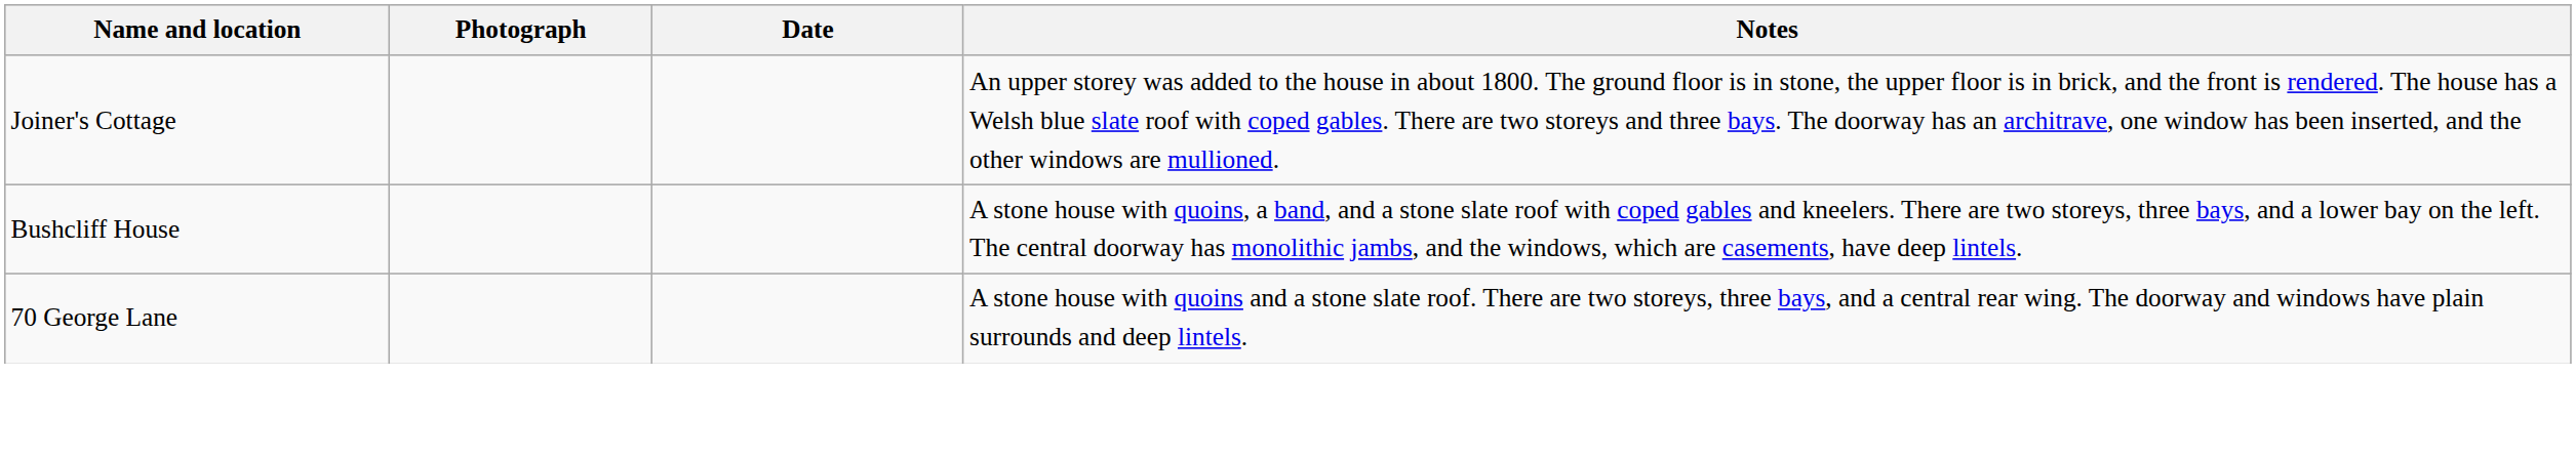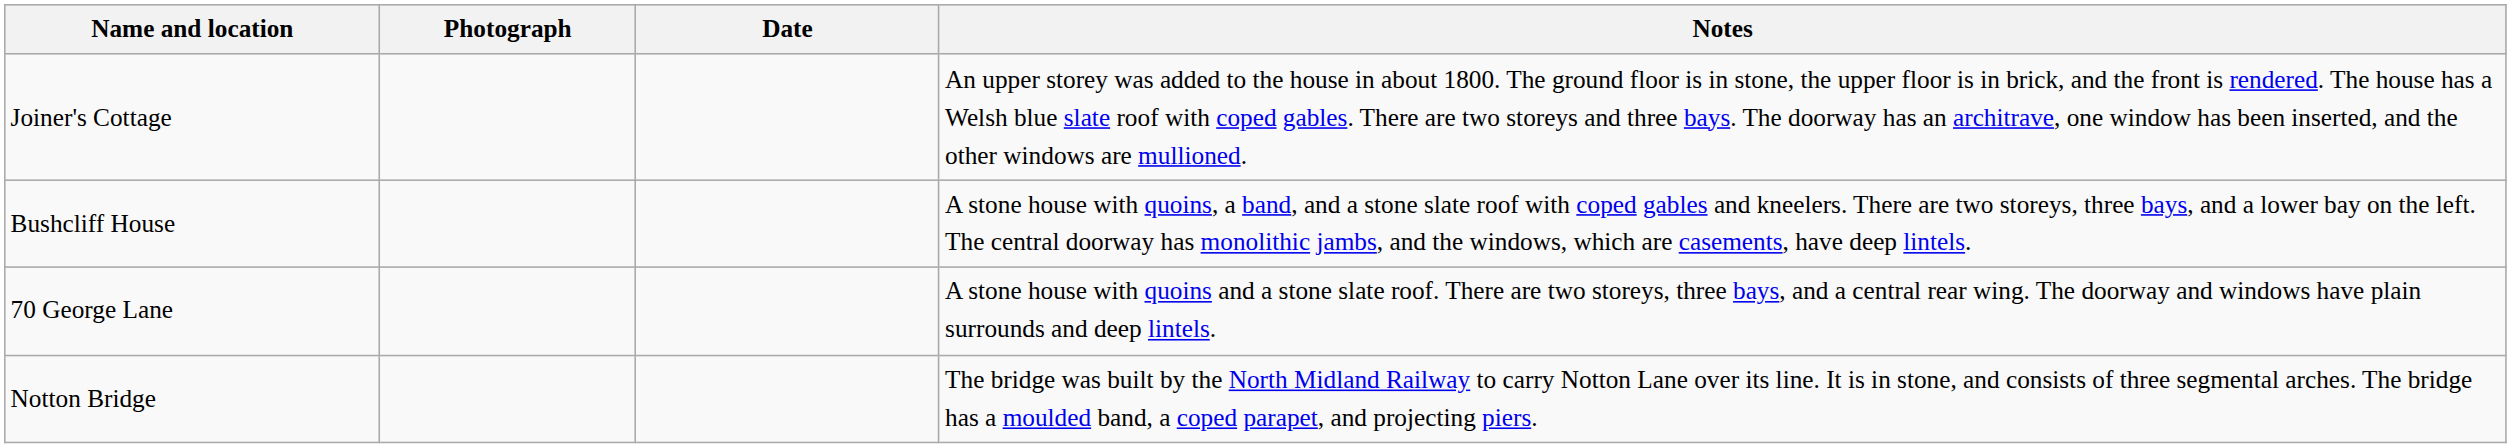 <table class="wikitable sortable plainrowheaders" style="width:100%;border:0px;text-align:left;line-height:150%;">
 <tr>
 <th scope="col"  style="width:150px">Name and location</th>
 <th scope="col"  style="width:100px" class="unsortable">Photograph</th>
 <th scope="col"  style="width:120px">Date</th>
 <th scope="col"  style="width:650px" class="unsortable">Notes</th>
 </tr>
 <tr>
 <td>Joiner's Cottage<br><small></small></td>
 <td></td>
 <td align="center"></td>
 <td>An upper storey was added to the house in about 1800.  The ground floor is in stone, the upper floor is in brick, and the front is <a href='#'>rendered</a>.  The house has a Welsh blue <a href='#'>slate</a> roof with <a href='#'>coped</a> <a href='#'>gables</a>.  There are two storeys and three <a href='#'>bays</a>.  The doorway has an <a href='#'>architrave</a>, one window has been inserted, and the other windows are <a href='#'>mullioned</a>.</td>
 </tr>
 <tr>
 <td>Bushcliff House<br><small></small></td>
 <td></td>
 <td align="center"></td>
 <td>A stone house with <a href='#'>quoins</a>, a <a href='#'>band</a>, and a stone slate roof with <a href='#'>coped</a> <a href='#'>gables</a> and kneelers.  There are two storeys, three <a href='#'>bays</a>, and a lower bay on the left.  The central doorway has <a href='#'>monolithic</a> <a href='#'>jambs</a>, and the windows, which are <a href='#'>casements</a>, have deep <a href='#'>lintels</a>.</td>
 </tr>
 <tr>
 <td>70 George Lane<br><small></small></td>
 <td></td>
 <td align="center"></td>
 <td>A stone house with <a href='#'>quoins</a> and a stone slate roof. There are two storeys, three <a href='#'>bays</a>, and a central rear wing.  The doorway and windows have plain surrounds and deep <a href='#'>lintels</a>.</td>
 </tr>
 <tr>
+<td>Notton Bridge<br><small></small></td>
+<td></td>
+<td align="center"></td>
+<td>The bridge was built by the <a href='#'>North Midland Railway</a> to carry Notton Lane over its line.  It is in stone, and consists of three segmental arches.  The bridge has a <a href='#'>moulded</a> band, a <a href='#'>coped</a> <a href='#'>parapet</a>, and projecting <a href='#'>piers</a>.</td>
+</tr>
+<tr>
 </tr>
 </table>
